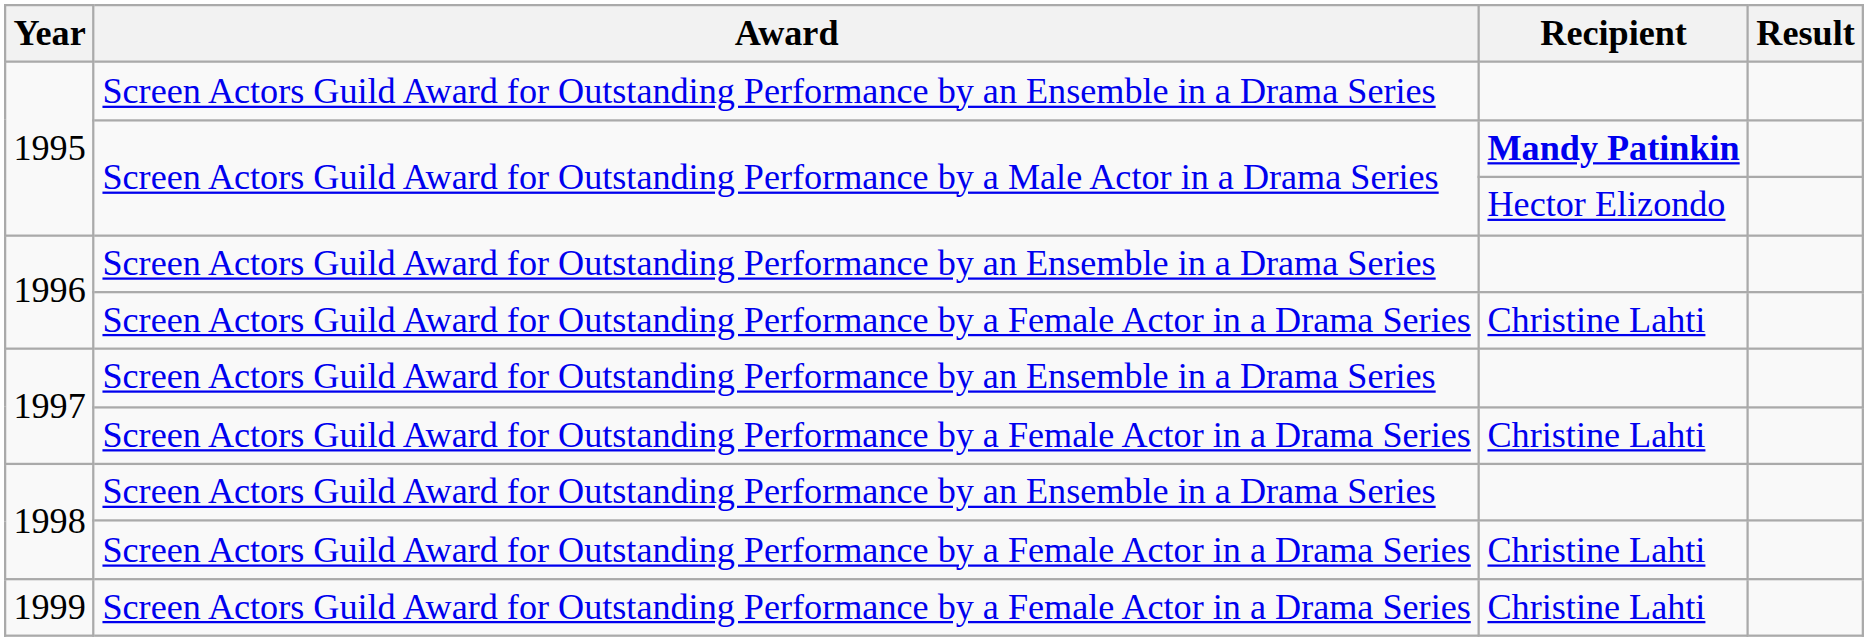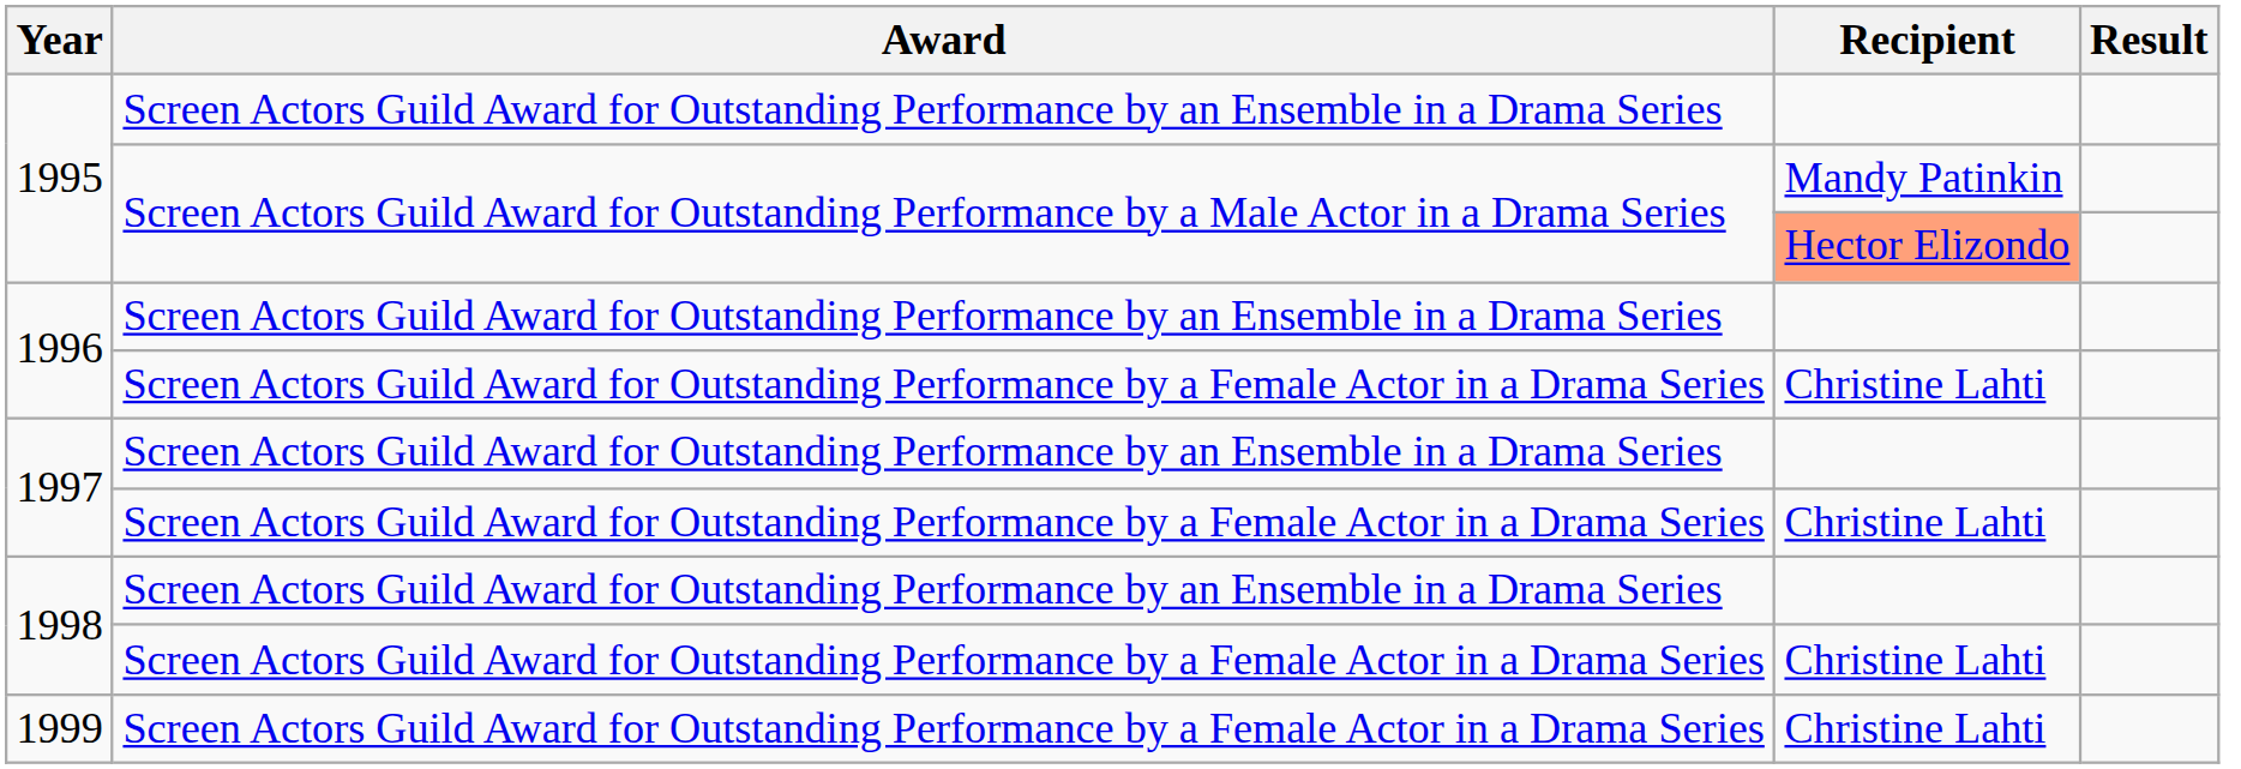 <table class="wikitable">
 <tr>
 <th>Year</th>
 <th>Award</th>
 <th>Recipient</th>
 <th>Result</th>
 </tr>
 <tr>
 <td rowspan=3>1995</td>
 <td><a href='#'>Screen Actors Guild Award for Outstanding Performance by an Ensemble in a Drama Series</a></td>
 <td></td>
 <td></td>
 </tr>
 <tr>
 <td rowspan=2><a href='#'>Screen Actors Guild Award for Outstanding Performance by a Male Actor in a Drama Series</a></td>
-<td><strong><a href='#'>Mandy Patinkin</a></strong></td>
+<td><a href='#'>Mandy Patinkin</a></td>
 <td></td>
 </tr>
 <tr>
-<td><a href='#'>Hector Elizondo</a></td>
+<td style="background: lightsalmon;"><a href='#'>Hector Elizondo</a></td>
 <td></td>
 </tr>
 <tr>
 <td rowspan=2>1996</td>
 <td><a href='#'>Screen Actors Guild Award for Outstanding Performance by an Ensemble in a Drama Series</a></td>
 <td></td>
 <td></td>
 </tr>
 <tr>
 <td><a href='#'>Screen Actors Guild Award for Outstanding Performance by a Female Actor in a Drama Series</a></td>
 <td><a href='#'>Christine Lahti</a></td>
 <td></td>
 </tr>
 <tr>
 <td rowspan=2>1997</td>
 <td><a href='#'>Screen Actors Guild Award for Outstanding Performance by an Ensemble in a Drama Series</a></td>
 <td></td>
 <td></td>
 </tr>
 <tr>
 <td><a href='#'>Screen Actors Guild Award for Outstanding Performance by a Female Actor in a Drama Series</a></td>
 <td><a href='#'>Christine Lahti</a></td>
 <td></td>
 </tr>
 <tr>
 <td rowspan=2>1998</td>
 <td><a href='#'>Screen Actors Guild Award for Outstanding Performance by an Ensemble in a Drama Series</a></td>
 <td></td>
 <td></td>
 </tr>
 <tr>
 <td><a href='#'>Screen Actors Guild Award for Outstanding Performance by a Female Actor in a Drama Series</a></td>
 <td><a href='#'>Christine Lahti</a></td>
 <td></td>
 </tr>
 <tr>
 <td>1999</td>
 <td><a href='#'>Screen Actors Guild Award for Outstanding Performance by a Female Actor in a Drama Series</a></td>
 <td><a href='#'>Christine Lahti</a></td>
 <td></td>
 </tr>
 </table>
